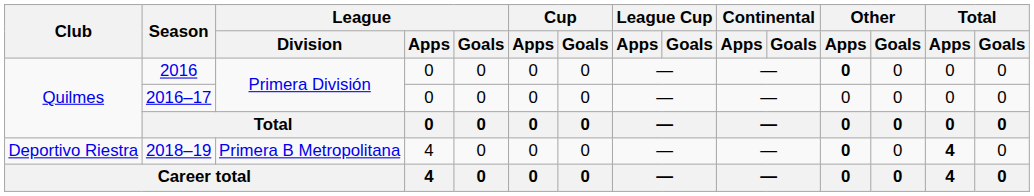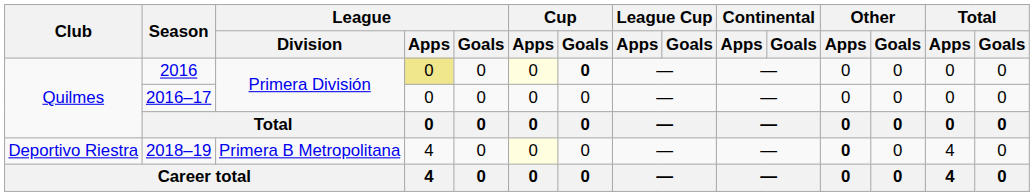 <table class="wikitable" style="text-align:center">
 <tr>
 <th rowspan="2">Club</th>
 <th rowspan="2">Season</th>
 <th colspan="3">League</th>
 <th colspan="2">Cup</th>
 <th colspan="2">League Cup</th>
 <th colspan="2">Continental</th>
 <th colspan="2">Other</th>
 <th colspan="2">Total</th>
 </tr>
 <tr>
 <th>Division</th>
 <th>Apps</th>
 <th>Goals</th>
 <th>Apps</th>
 <th>Goals</th>
 <th>Apps</th>
 <th>Goals</th>
 <th>Apps</th>
 <th>Goals</th>
 <th>Apps</th>
 <th>Goals</th>
 <th>Apps</th>
 <th>Goals</th>
 </tr>
 <tr>
 <td rowspan="3"><a href='#'>Quilmes</a></td>
 <td><a href='#'>2016</a></td>
 <td rowspan="2"><a href='#'>Primera División</a></td>
+<td style="background: khaki;">0</td>
 <td>0</td>
-<td>0</td>
-<td>0</td>
-<td>0</td>
+<td style="background: lightyellow;">0</td>
+<td><strong>0</strong></td>
 <td colspan="2">—</td>
 <td colspan="2">—</td>
-<td><strong>0</strong></td>
+<td>0</td>
 <td>0</td>
 <td>0</td>
 <td>0</td>
 </tr>
 <tr>
 <td><a href='#'>2016–17</a></td>
 <td>0</td>
 <td>0</td>
 <td>0</td>
 <td>0</td>
 <td colspan="2">—</td>
 <td colspan="2">—</td>
 <td>0</td>
 <td>0</td>
 <td>0</td>
 <td>0</td>
 </tr>
 <tr>
 <th colspan="2">Total</th>
 <th>0</th>
 <th>0</th>
 <th>0</th>
 <th>0</th>
 <th colspan="2">—</th>
 <th colspan="2">—</th>
 <th>0</th>
 <th>0</th>
 <th>0</th>
 <th>0</th>
 </tr>
 <tr>
 <td rowspan="1"><a href='#'>Deportivo Riestra</a></td>
 <td><a href='#'>2018–19</a></td>
 <td rowspan="1"><a href='#'>Primera B Metropolitana</a></td>
 <td>4</td>
 <td>0</td>
-<td>0</td>
+<td style="background: lightyellow;">0</td>
 <td>0</td>
 <td colspan="2">—</td>
 <td colspan="2">—</td>
 <td><strong>0</strong></td>
 <td>0</td>
-<td><strong>4</strong></td>
+<td>4</td>
 <td>0</td>
 </tr>
 <tr>
 <th colspan="3">Career total</th>
 <th>4</th>
 <th>0</th>
 <th>0</th>
 <th>0</th>
 <th colspan="2">—</th>
 <th colspan="2">—</th>
 <th>0</th>
 <th>0</th>
 <th>4</th>
 <th>0</th>
 </tr>
 </table>
